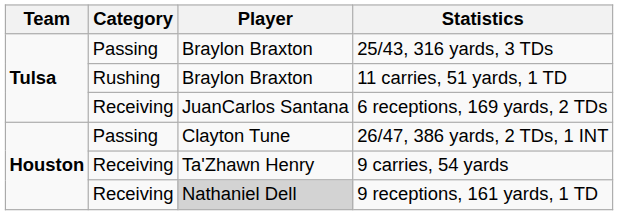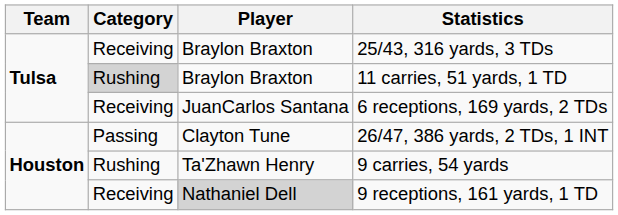 <table class="wikitable" style="float: right;">
 <tr>
 <th>Team</th>
 <th>Category</th>
 <th>Player</th>
 <th>Statistics</th>
 </tr>
 <tr>
 <td rowspan=3><strong>Tulsa</strong></td>
-<td>Passing</td>
+<td>Receiving</td>
 <td>Braylon Braxton</td>
 <td>25/43, 316 yards, 3 TDs</td>
 </tr>
 <tr>
-<td>Rushing</td>
+<td style="background: lightgrey;">Rushing</td>
 <td>Braylon Braxton</td>
 <td>11 carries, 51 yards, 1 TD</td>
 </tr>
 <tr>
 <td>Receiving</td>
 <td>JuanCarlos Santana</td>
 <td>6 receptions, 169 yards, 2 TDs</td>
 </tr>
 <tr>
 <td rowspan=3><strong>Houston</strong></td>
 <td>Passing</td>
 <td>Clayton Tune</td>
 <td>26/47, 386 yards, 2 TDs, 1 INT</td>
 </tr>
 <tr>
-<td>Receiving</td>
+<td>Rushing</td>
 <td>Ta'Zhawn Henry</td>
 <td>9 carries, 54 yards</td>
 </tr>
 <tr>
 <td>Receiving</td>
 <td style="background: lightgrey;">Nathaniel Dell</td>
 <td>9 receptions, 161 yards, 1 TD</td>
 </tr>
 </table>
